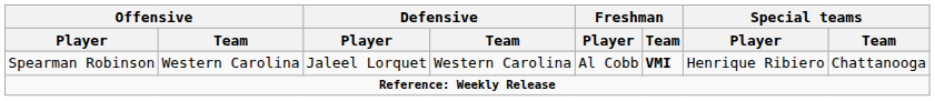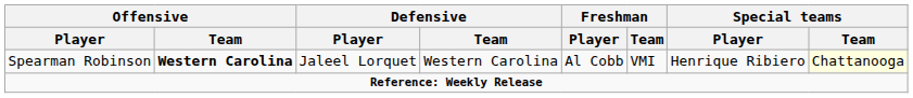 <table class="wikitable" border="1">
 <tr>
 <th colspan="2">Offensive</th>
 <th colspan="2">Defensive</th>
 <th colspan="2">Freshman</th>
 <th colspan="2">Special teams</th>
 </tr>
 <tr>
 <th>Player</th>
 <th>Team</th>
 <th>Player</th>
 <th>Team</th>
 <th>Player</th>
 <th>Team</th>
 <th>Player</th>
 <th>Team</th>
 </tr>
 <tr>
 <td>Spearman Robinson</td>
-<td>Western Carolina</td>
+<td><strong>Western Carolina</strong></td>
 <td>Jaleel Lorquet</td>
 <td>Western Carolina</td>
 <td>Al Cobb</td>
-<td><strong>VMI</strong></td>
+<td>VMI</td>
 <td>Henrique Ribiero</td>
-<td>Chattanooga</td>
+<td style="background: lightyellow;">Chattanooga</td>
 </tr>
 <tr>
 <td colspan="8" style="font-size: 8pt" align="center"><strong>Reference: Weekly Release</strong></td>
 </tr>
 </table>
